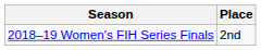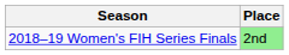 <table class="wikitable collapsible">
 <tr>
 <th>Season</th>
 <th>Place</th>
 </tr>
 <tr>
 <td><a href='#'>2018–19 Women's FIH Series Finals</a></td>
-<td>2nd</td>
+<td style="background: lightgreen;">2nd</td>
 </tr>
 </table>
